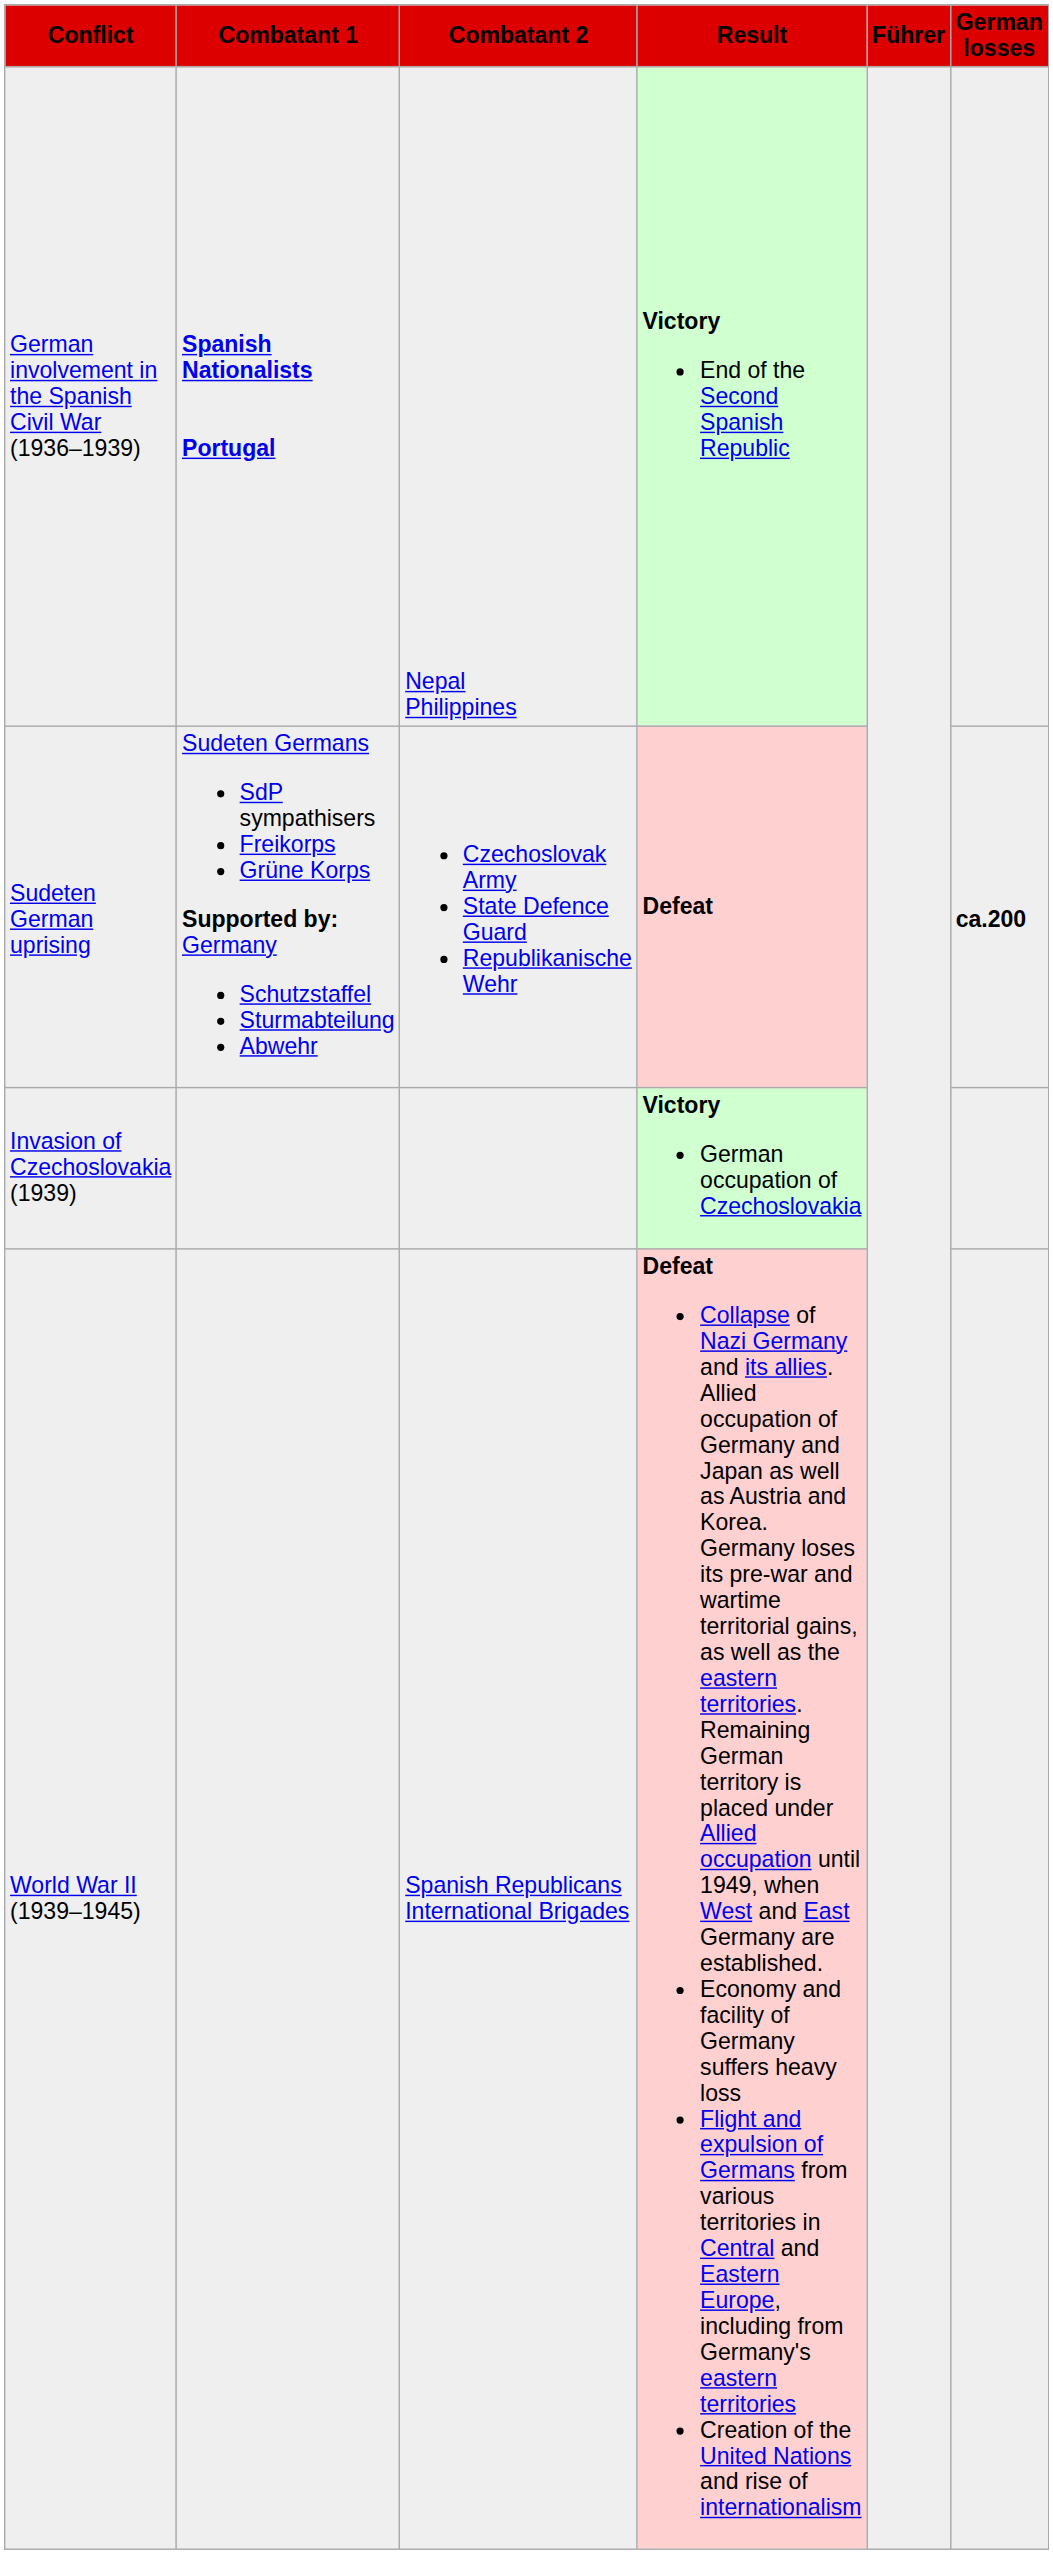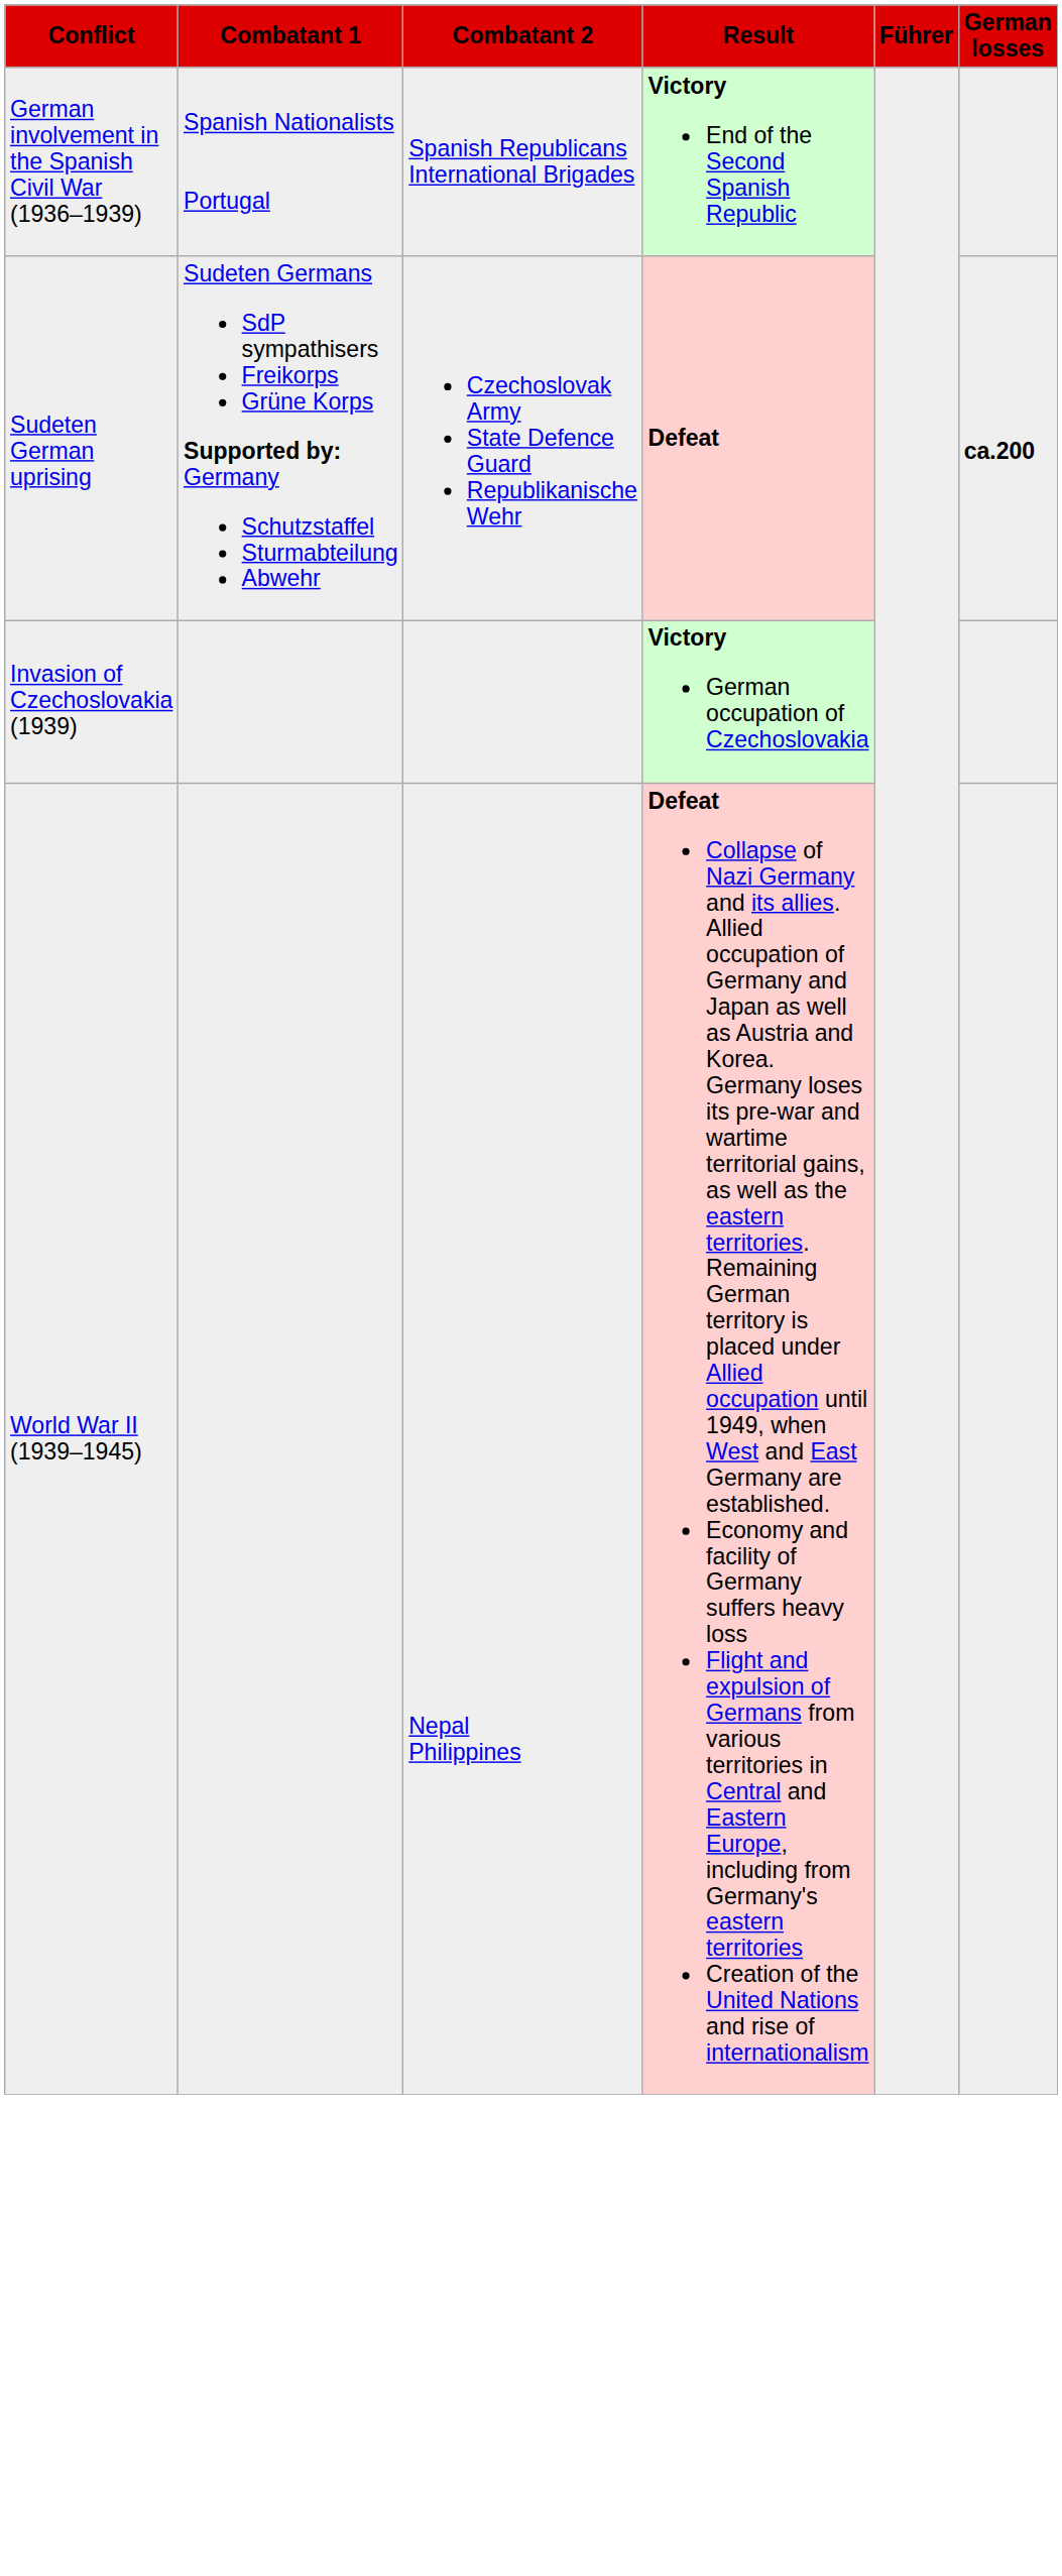 <table class="wikitable">
 <tr>
 <th style="background:#DD0000" width="170px"><span>Conflict</span></th>
 <th style="background:#DD0000" width="190px"><span>Combatant 1</span></th>
 <th style="background:#DD0000" width="190px"><span>Combatant 2</span></th>
 <th style="background:#DD0000" width="320px"><span>Result</span></th>
 <th style="background:#DD0000" width="130px"><span>Führer</span></th>
 <th style="background:#DD0000" width="100px"><span>German losses</span></th>
 </tr>
 <tr>
 <td style="background:#efefef"><a href='#'>German involvement in the Spanish Civil War</a><br>(1936–1939)</td>
-<td style="background:#efefef"><strong> <a href='#'>Spanish Nationalists</a><br><br><br> <a href='#'>Portugal</a></strong></td>
-<td style="background:#efefef"><br><br><br><br><br><br><br><br><br><br><br><br><br><br><br><br><br><br><br><br><br><br><br> <a href='#'>Nepal</a><br> <a href='#'>Philippines</a><br></td>
+<td style="background:#efefef"> <a href='#'>Spanish Nationalists</a><br><br><br> <a href='#'>Portugal</a></td>
+<td style="background:#efefef"> <a href='#'>Spanish Republicans</a><br> <a href='#'>International Brigades</a></td>
 <td style="background:#D0FFD0"><strong>Victory</strong><br><ul><li>End of the <a href='#'>Second Spanish Republic</a></li></ul></td>
 <td rowspan="4" style="background:#efefef"></td>
 <td style="background:#efefef"></td>
 </tr>
 <tr>
 <td style="background:#efefef"><br><a href='#'>Sudeten German uprising</a></td>
 <td style="background:#efefef">  <a href='#'>Sudeten Germans</a><br><ul><li> <a href='#'>SdP</a> sympathisers</li><li> <a href='#'>Freikorps</a></li><li> <a href='#'>Grüne Korps</a></li></ul><strong>Supported by:</strong><br>  <a href='#'>Germany</a><ul><li> <a href='#'>Schutzstaffel</a></li><li>  <a href='#'>Sturmabteilung</a></li><li> <a href='#'>Abwehr</a></li></ul></td>
 <td style="background:#efefef"><br><ul><li> <a href='#'>Czechoslovak Army</a></li><li> <a href='#'>State Defence Guard</a></li><li><a href='#'>Republikanische Wehr</a></li></ul></td>
 <td style="background:#FFD0D0"><strong>Defeat</strong></td>
 <td style="background:#efefef"><strong><br>ca.200</strong></td>
 </tr>
 <tr>
 <td style="background:#efefef"><a href='#'>Invasion of Czechoslovakia</a><br>(1939)</td>
 <td style="background:#efefef"><br><br></td>
 <td style="background:#efefef"></td>
 <td style="background:#D0FFD0"><strong>Victory</strong><br><ul><li>German occupation of <a href='#'>Czechoslovakia</a></li></ul></td>
 <td style="background:#efefef"></td>
 </tr>
 <tr>
 <td style="background:#efefef"><a href='#'>World War II</a><br>(1939–1945)</td>
 <td style="background:#efefef"><br><br><br><br><br><br><br><br><br><br><br> </td>
-<td style="background:#efefef"> <a href='#'>Spanish Republicans</a><br> <a href='#'>International Brigades</a></td>
+<td style="background:#efefef"><br><br><br><br><br><br><br><br><br><br><br><br><br><br><br><br><br><br><br><br><br><br><br> <a href='#'>Nepal</a><br> <a href='#'>Philippines</a><br></td>
 <td style="background:#FFD0D0"><strong>Defeat</strong><br><ul><li><a href='#'>Collapse</a> of <a href='#'>Nazi Germany</a> and <a href='#'>its allies</a>. Allied occupation of Germany and Japan as well as Austria and Korea. Germany loses its pre-war and wartime territorial gains, as well as the <a href='#'>eastern territories</a>. Remaining German territory is placed under <a href='#'>Allied occupation</a> until 1949, when <a href='#'>West</a> and <a href='#'>East</a> Germany are established.</li><li>Economy and facility of Germany suffers heavy loss</li><li><a href='#'>Flight and expulsion of Germans</a> from various territories in <a href='#'>Central</a> and <a href='#'>Eastern Europe</a>, including from Germany's <a href='#'>eastern territories</a></li><li>Creation of the <a href='#'>United Nations</a> and rise of <a href='#'>internationalism</a></li></ul></td>
 <td style="background:#efefef"></td>
 </tr>
 </table>
